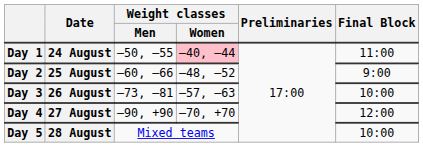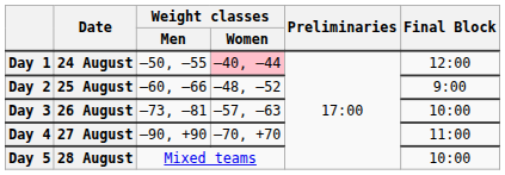 <table class=wikitable style="text-align:center;">
 <tr>
 <th rowspan=2></th>
 <th rowspan=2>Date</th>
 <th colspan=2>Weight classes</th>
 <th rowspan=2>Preliminaries</th>
 <th rowspan=2>Final Block</th>
 </tr>
 <tr>
 <th>Men</th>
 <th>Women</th>
 </tr>
 <tr style="border-top: 2px solid #333333;">
 <th>Day 1</th>
 <th>24 August</th>
 <td>–50, –55</td>
 <td style="background: pink;">–40, –44</td>
 <td rowspan=5>17:00</td>
-<td>11:00</td>
+<td>12:00</td>
 </tr>
 <tr style="border-top: 2px solid #333333;">
 <th>Day 2</th>
 <th>25 August</th>
 <td>–60, –66</td>
 <td>–48, –52</td>
 <td>9:00</td>
 </tr>
 <tr style="border-top: 2px solid #333333;">
 <th>Day 3</th>
 <th>26 August</th>
 <td>–73, –81</td>
 <td>–57, –63</td>
 <td>10:00</td>
 </tr>
 <tr style="border-top: 2px solid #333333;">
 <th>Day 4</th>
 <th>27 August</th>
 <td>–90, +90</td>
 <td>–70, +70</td>
-<td>12:00</td>
+<td>11:00</td>
 </tr>
 <tr style="border-top: 2px solid #333333;">
 <th>Day 5</th>
 <th>28 August</th>
 <td colspan=2><a href='#'>Mixed teams</a></td>
 <td>10:00</td>
 </tr>
 </table>
